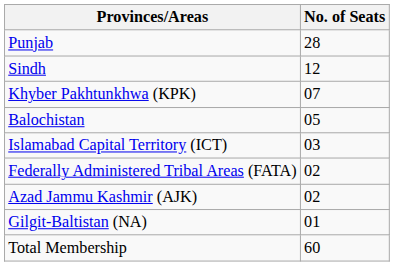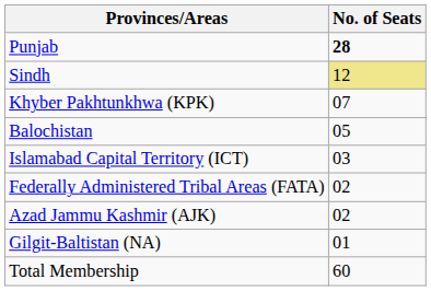 <table class="wikitable" border="1">
 <tr>
 <th>Provinces/Areas</th>
 <th>No. of Seats</th>
 </tr>
 <tr>
 <td><a href='#'>Punjab</a></td>
-<td>28</td>
+<td><strong>28</strong></td>
 </tr>
 <tr>
 <td><a href='#'>Sindh</a></td>
-<td>12</td>
+<td style="background: khaki;">12</td>
 </tr>
 <tr>
 <td><a href='#'>Khyber Pakhtunkhwa</a> (KPK)</td>
 <td>07</td>
 </tr>
 <tr>
 <td><a href='#'>Balochistan</a></td>
 <td>05</td>
 </tr>
 <tr>
 <td><a href='#'>Islamabad Capital Territory</a> (ICT)</td>
 <td>03</td>
 </tr>
 <tr>
 <td><a href='#'>Federally Administered Tribal Areas</a> (FATA)</td>
 <td>02</td>
 </tr>
 <tr>
 <td><a href='#'>Azad Jammu Kashmir</a> (AJK)</td>
 <td>02</td>
 </tr>
 <tr>
 <td><a href='#'>Gilgit-Baltistan</a> (NA)</td>
 <td>01</td>
 </tr>
 <tr>
 <td>Total Membership</td>
 <td>60</td>
 </tr>
 </table>
